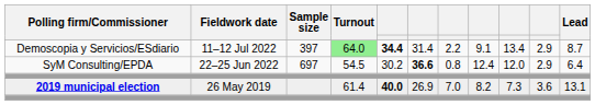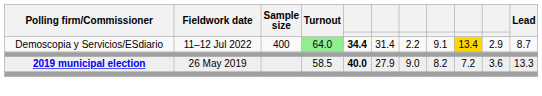 <table class="wikitable collapsible collapsed" style="text-align:center; font-size:95%; line-height:16px;">
 <tr style="height:42px;">
 <th style="width:250px;" rowspan="2">Polling firm/Commissioner</th>
 <th style="width:125px;" rowspan="2">Fieldwork date</th>
 <th style="width:50px;" rowspan="2">Sample size</th>
 <th style="width:45px;" rowspan="2">Turnout</th>
 <th style="width:35px;"></th>
 <th style="width:35px;"></th>
 <th style="width:35px;"></th>
 <th style="width:35px;"></th>
 <th style="width:35px;"></th>
 <th style="width:35px;"></th>
 <th style="width:30px;" rowspan="2">Lead</th>
 </tr>
 <tr>
 <th style="color:inherit;background:"></th>
 <th style="color:inherit;background:"></th>
 <th style="color:inherit;background:"></th>
 <th style="color:inherit;background:"></th>
 <th style="color:inherit;background:"></th>
 <th style="color:inherit;background:"></th>
 </tr>
 <tr>
 <td>Demoscopia y Servicios/ESdiario</td>
 <td>11–12 Jul 2022</td>
-<td>397</td>
+<td>400</td>
 <td style="background: lightgreen;">64.0</td>
 <td><strong>34.4</strong><br></td>
 <td>31.4<br></td>
 <td>2.2<br></td>
 <td>9.1<br></td>
-<td>13.4<br></td>
+<td style="background: gold;">13.4<br></td>
 <td>2.9<br></td>
 <td style="background:">8.7</td>
-</tr>
-<tr>
-<td>SyM Consulting/EPDA</td>
-<td>22–25 Jun 2022</td>
-<td>697</td>
-<td>54.5</td>
-<td>30.2<br></td>
-<td><strong>36.6</strong><br></td>
-<td>0.8<br></td>
-<td>12.4<br></td>
-<td>12.0<br></td>
-<td>2.9<br></td>
-<td style="background:">6.4</td>
 </tr>
 <tr>
 <td colspan="11" style="background:#A0A0A0"></td>
 </tr>
 <tr style="background:#EFEFEF;">
 <td><strong><a href='#'>2019 municipal election</a></strong></td>
 <td>26 May 2019</td>
 <td></td>
-<td>61.4</td>
+<td>58.5</td>
 <td><strong>40.0</strong><br></td>
-<td>26.9<br></td>
-<td>7.0<br></td>
+<td>27.9<br></td>
+<td>9.0<br></td>
 <td>8.2<br></td>
-<td>7.3<br></td>
+<td>7.2<br></td>
 <td>3.6<br></td>
-<td style="background:">13.1</td>
+<td style="background:">13.3</td>
 </tr>
 <tr>
 <td colspan="11" style="background:#A0A0A0"></td>
 </tr>
 </table>
